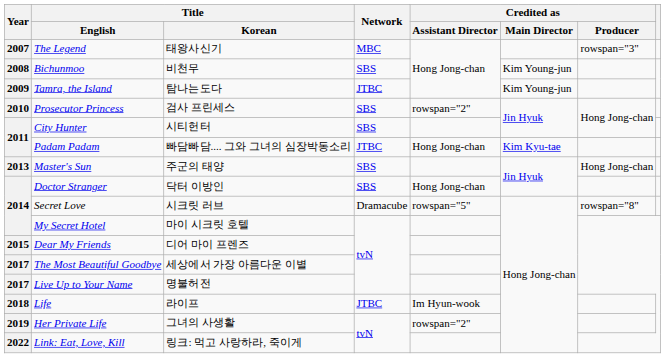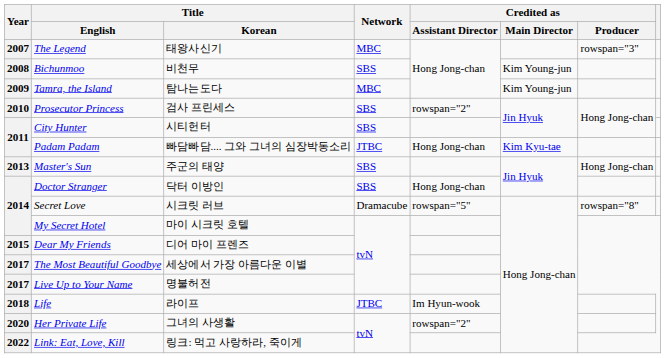 <table class="wikitable plainrowheaders sortable">
 <tr>
 <th rowspan="2" scope="col">Year</th>
 <th colspan="2" scope="col">Title</th>
 <th rowspan="2" scope="col">Network</th>
 <th colspan="3">Credited as</th>
 <th rowspan="2" scope="col" class="unsortable"></th>
 </tr>
 <tr>
 <th>English</th>
 <th>Korean</th>
 <th>Assistant Director</th>
 <th>Main Director</th>
 <th>Producer</th>
 </tr>
 <tr>
 <th scope="row">2007</th>
 <td><em><a href='#'>The Legend</a></em></td>
 <td>태왕사신기</td>
 <td><a href='#'>MBC</a></td>
 <td rowspan="3">Hong Jong-chan</td>
 <td></td>
 <td>rowspan="3" </td>
 <td></td>
 </tr>
 <tr>
 <th scope="row">2008</th>
 <td><em><a href='#'>Bichunmoo</a></em></td>
 <td>비천무</td>
 <td><a href='#'>SBS</a></td>
 <td>Kim Young-jun</td>
 <td></td>
 </tr>
 <tr>
 <th scope="row">2009</th>
 <td><em><a href='#'>Tamra, the Island</a></em></td>
 <td>탐나는도다</td>
-<td><a href='#'>JTBC</a></td>
+<td><a href='#'>MBC</a></td>
 <td>Kim Young-jun</td>
 <td></td>
 </tr>
 <tr>
 <th scope="row">2010</th>
 <td><em><a href='#'>Prosecutor Princess</a></em></td>
 <td>검사 프린세스</td>
 <td><a href='#'>SBS</a></td>
 <td>rowspan="2" </td>
 <td rowspan="2"><a href='#'>Jin Hyuk</a></td>
 <td rowspan="2">Hong Jong-chan</td>
 <td></td>
 </tr>
 <tr>
 <th rowspan="2" scope="row">2011</th>
 <td><em><a href='#'>City Hunter</a></em></td>
 <td>시티헌터</td>
 <td><a href='#'>SBS</a></td>
 <td></td>
 </tr>
 <tr>
 <td><em><a href='#'>Padam Padam</a></em></td>
 <td>빠담빠담.... 그와 그녀의 심장박동소리</td>
 <td><a href='#'>JTBC</a></td>
 <td>Hong Jong-chan</td>
 <td><a href='#'>Kim Kyu-tae</a></td>
 <td></td>
 <td></td>
 </tr>
 <tr>
 <th scope="row">2013</th>
 <td><em><a href='#'>Master's Sun</a></em></td>
 <td>주군의 태양</td>
 <td><a href='#'>SBS</a></td>
 <td></td>
 <td rowspan="2"><a href='#'>Jin Hyuk</a></td>
 <td>Hong Jong-chan</td>
 <td></td>
 </tr>
 <tr>
 <th rowspan="3" scope="row">2014</th>
 <td><em><a href='#'>Doctor Stranger</a></em></td>
 <td>닥터 이방인</td>
 <td><a href='#'>SBS</a></td>
 <td>Hong Jong-chan</td>
 <td></td>
 <td></td>
 </tr>
 <tr>
 <td><em>Secret Love</em></td>
 <td>시크릿 러브</td>
 <td>Dramacube</td>
 <td>rowspan="5" </td>
 <td rowspan="8">Hong Jong-chan</td>
 <td>rowspan="8" </td>
 <td></td>
 </tr>
 <tr>
 <td><em><a href='#'>My Secret Hotel</a></em></td>
 <td>마이 시크릿 호텔</td>
 <td rowspan="4"><a href='#'>tvN</a></td>
 <td></td>
 </tr>
 <tr>
 <th scope="row">2015</th>
 <td><em><a href='#'>Dear My Friends</a></em></td>
 <td>디어 마이 프렌즈</td>
 <td></td>
 </tr>
 <tr>
 <th scope="row">2017</th>
 <td><em><a href='#'>The Most Beautiful Goodbye</a></em></td>
 <td>세상에서 가장 아름다운 이별</td>
 <td></td>
 </tr>
 <tr>
 <th scope="row">2017</th>
 <td><em><a href='#'>Live Up to Your Name</a></em></td>
 <td>명불허전</td>
 <td></td>
 </tr>
 <tr>
 <th scope="row">2018</th>
 <td><em><a href='#'>Life</a></em></td>
 <td>라이프</td>
 <td><a href='#'>JTBC</a></td>
 <td>Im Hyun-wook</td>
 <td></td>
 </tr>
 <tr>
-<th scope="row">2019</th>
+<th scope="row">2020</th>
 <td><em><a href='#'>Her Private Life</a></em></td>
 <td>그녀의 사생활</td>
 <td rowspan="2"><a href='#'>tvN</a></td>
 <td>rowspan="2" </td>
 <td></td>
 </tr>
 <tr>
 <th scope="row">2022</th>
 <td><em><a href='#'>Link: Eat, Love, Kill</a></em></td>
 <td>링크: 먹고 사랑하라, 죽이게</td>
 <td></td>
 </tr>
 </table>
